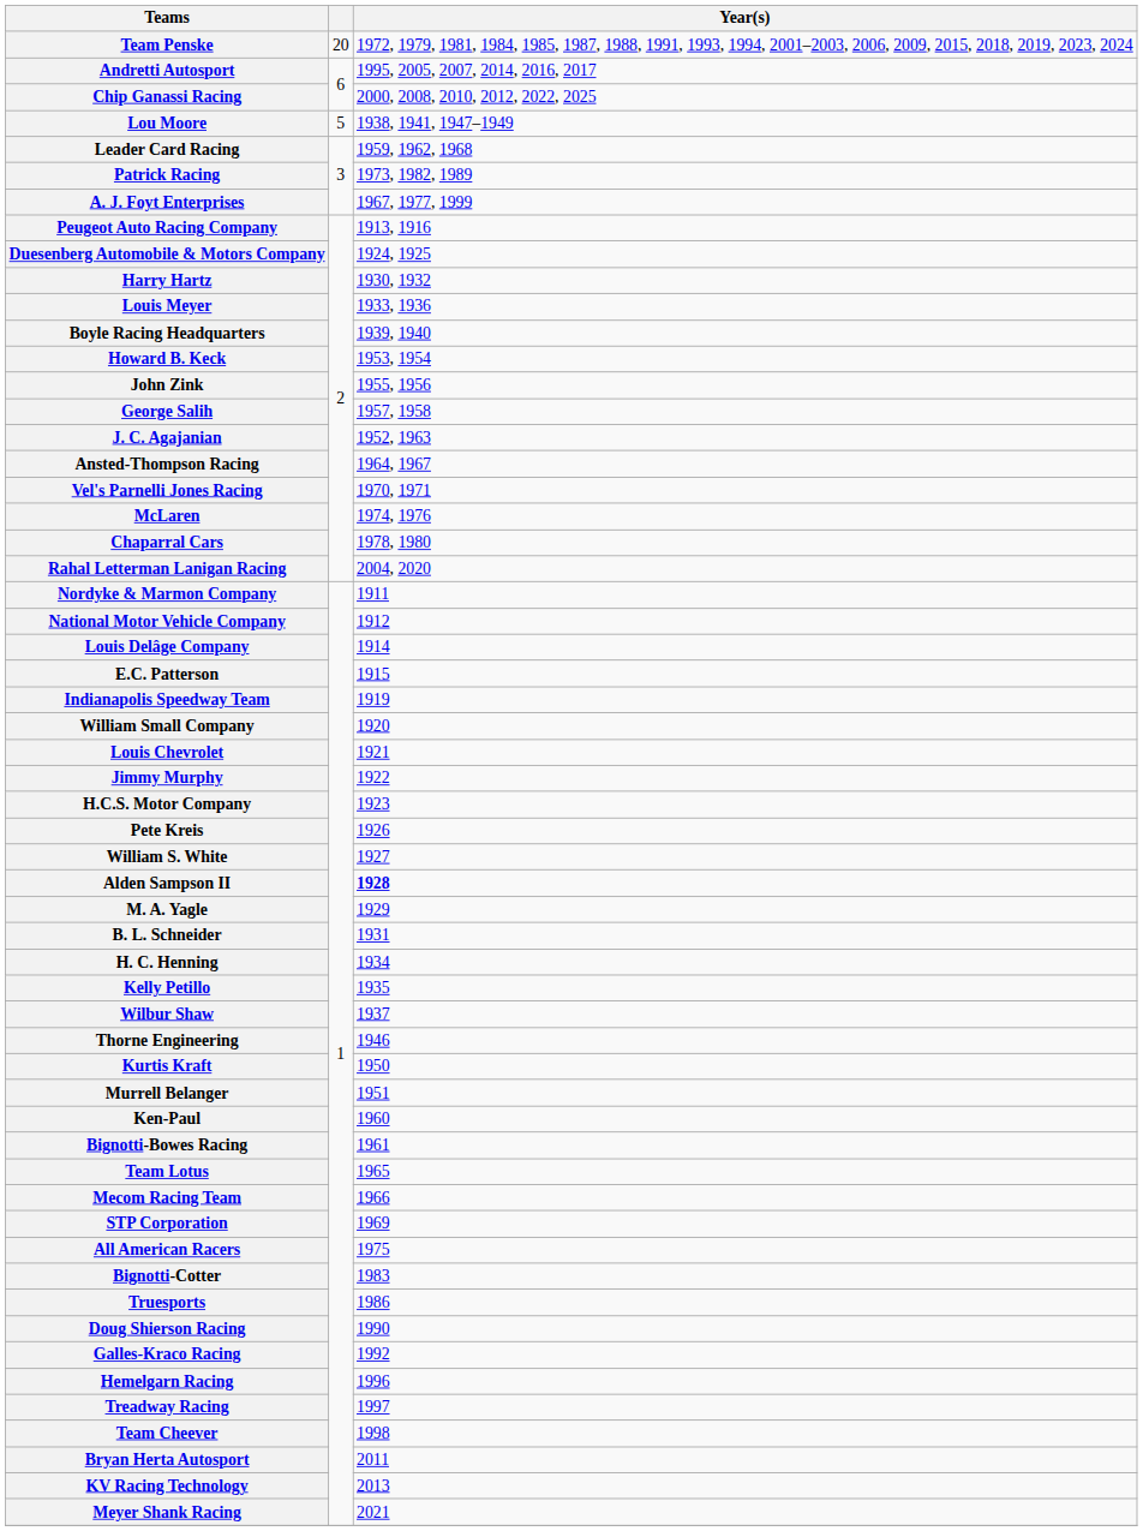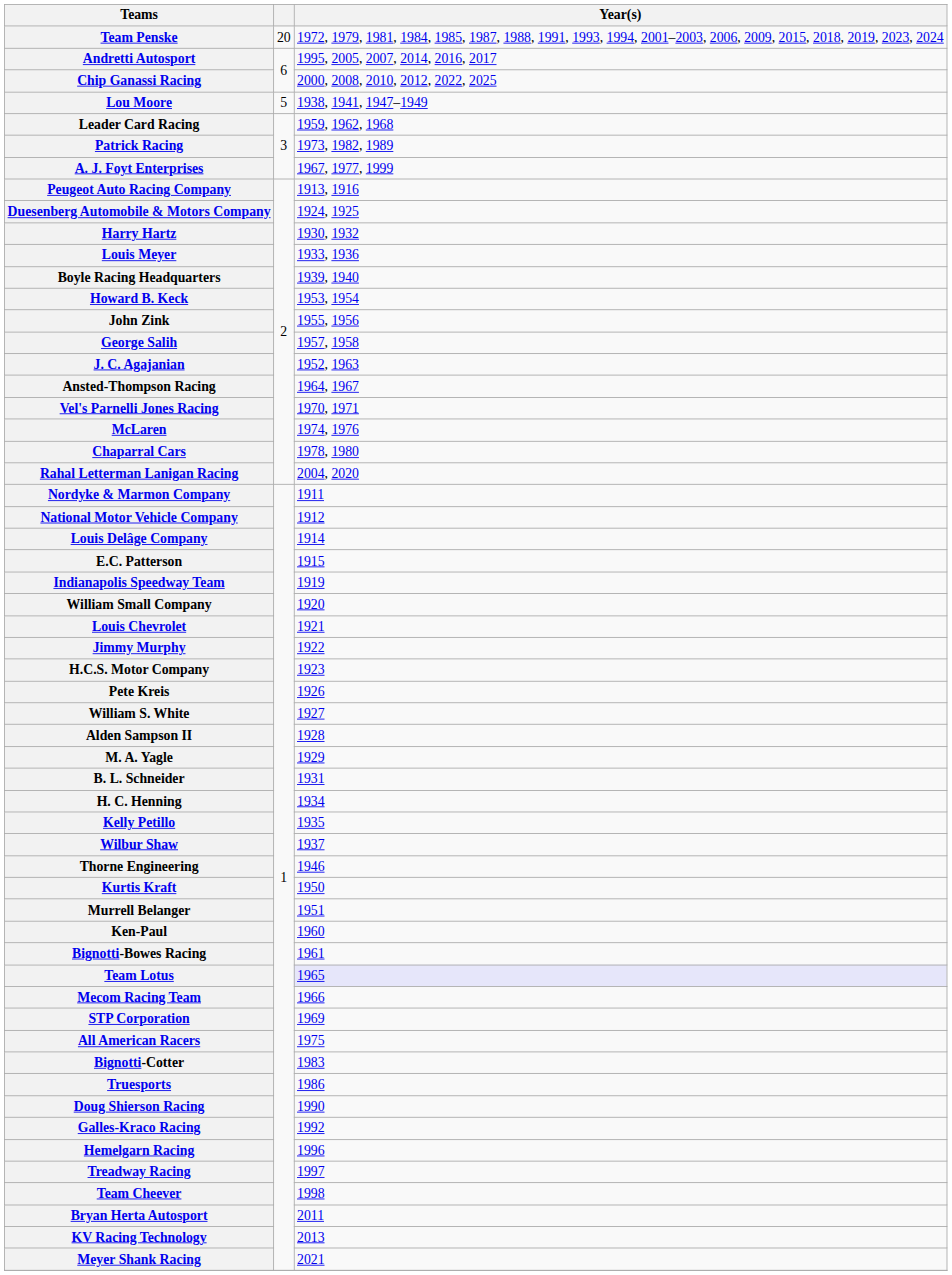 <table class="wikitable sortable plainrowheaders">
 <tr>
 <th scope="col">Teams</th>
 <th scope="col"></th>
 <th scope="col">Year(s)</th>
 </tr>
 <tr>
 <th scope="row"><a href='#'>Team Penske</a></th>
 <td align="center">20</td>
 <td><a href='#'>1972</a>, <a href='#'>1979</a>, <a href='#'>1981</a>, <a href='#'>1984</a>, <a href='#'>1985</a>, <a href='#'>1987</a>, <a href='#'>1988</a>, <a href='#'>1991</a>, <a href='#'>1993</a>, <a href='#'>1994</a>, <a href='#'>2001</a>–<a href='#'>2003</a>, <a href='#'>2006</a>, <a href='#'>2009</a>, <a href='#'>2015</a>, <a href='#'>2018</a>, <a href='#'>2019</a>, <a href='#'>2023</a>, <a href='#'>2024</a></td>
 </tr>
 <tr>
 <th scope="row"><a href='#'>Andretti Autosport</a></th>
 <td rowspan="2" align="center">6</td>
 <td><a href='#'>1995</a>, <a href='#'>2005</a>, <a href='#'>2007</a>, <a href='#'>2014</a>, <a href='#'>2016</a>, <a href='#'>2017</a></td>
 </tr>
 <tr>
 <th scope="row"><a href='#'>Chip Ganassi Racing</a></th>
 <td><a href='#'>2000</a>, <a href='#'>2008</a>, <a href='#'>2010</a>, <a href='#'>2012</a>, <a href='#'>2022</a>, <a href='#'>2025</a></td>
 </tr>
 <tr>
 <th scope="row"><a href='#'>Lou Moore</a></th>
 <td align="center">5</td>
 <td><a href='#'>1938</a>, <a href='#'>1941</a>, <a href='#'>1947</a>–<a href='#'>1949</a></td>
 </tr>
 <tr>
 <th scope="row">Leader Card Racing</th>
 <td align="center" rowspan=3>3</td>
 <td><a href='#'>1959</a>, <a href='#'>1962</a>, <a href='#'>1968</a></td>
 </tr>
 <tr>
 <th scope="row"><a href='#'>Patrick Racing</a></th>
 <td><a href='#'>1973</a>, <a href='#'>1982</a>, <a href='#'>1989</a></td>
 </tr>
 <tr>
 <th scope="row"><a href='#'>A. J. Foyt Enterprises</a></th>
 <td><a href='#'>1967</a>, <a href='#'>1977</a>, <a href='#'>1999</a></td>
 </tr>
 <tr>
 <th scope="row"><a href='#'>Peugeot Auto Racing Company</a></th>
 <td align="center" rowspan= 14>2</td>
 <td><a href='#'>1913</a>, <a href='#'>1916</a></td>
 </tr>
 <tr>
 <th scope="row"><a href='#'>Duesenberg Automobile & Motors Company</a></th>
 <td><a href='#'>1924</a>, <a href='#'>1925</a></td>
 </tr>
 <tr>
 <th scope="row"><a href='#'>Harry Hartz</a></th>
 <td><a href='#'>1930</a>, <a href='#'>1932</a></td>
 </tr>
 <tr>
 <th scope="row"><a href='#'>Louis Meyer</a></th>
 <td><a href='#'>1933</a>, <a href='#'>1936</a></td>
 </tr>
 <tr>
 <th scope="row">Boyle Racing Headquarters</th>
 <td><a href='#'>1939</a>, <a href='#'>1940</a></td>
 </tr>
 <tr>
 <th scope="row"><a href='#'>Howard B. Keck</a></th>
 <td><a href='#'>1953</a>, <a href='#'>1954</a></td>
 </tr>
 <tr>
 <th scope="row">John Zink</th>
 <td><a href='#'>1955</a>, <a href='#'>1956</a></td>
 </tr>
 <tr>
 <th scope="row"><a href='#'>George Salih</a></th>
 <td><a href='#'>1957</a>, <a href='#'>1958</a></td>
 </tr>
 <tr>
 <th scope="row"><a href='#'>J. C. Agajanian</a></th>
 <td><a href='#'>1952</a>, <a href='#'>1963</a></td>
 </tr>
 <tr>
 <th scope="row">Ansted-Thompson Racing</th>
 <td><a href='#'>1964</a>, <a href='#'>1967</a></td>
 </tr>
 <tr>
 <th scope="row"><a href='#'>Vel's Parnelli Jones Racing</a></th>
 <td><a href='#'>1970</a>, <a href='#'>1971</a></td>
 </tr>
 <tr>
 <th scope="row"><a href='#'>McLaren</a></th>
 <td><a href='#'>1974</a>, <a href='#'>1976</a></td>
 </tr>
 <tr>
 <th scope="row"><a href='#'>Chaparral Cars</a></th>
 <td><a href='#'>1978</a>, <a href='#'>1980</a></td>
 </tr>
 <tr>
 <th scope="row"><a href='#'>Rahal Letterman Lanigan Racing</a></th>
 <td><a href='#'>2004</a>, <a href='#'>2020</a></td>
 </tr>
 <tr>
 <th scope="row"><a href='#'>Nordyke & Marmon Company</a></th>
 <td align="center" rowspan= 36>1</td>
 <td><a href='#'>1911</a></td>
 </tr>
 <tr>
 <th scope="row"><a href='#'>National Motor Vehicle Company</a></th>
 <td><a href='#'>1912</a></td>
 </tr>
 <tr>
 <th scope="row"><a href='#'>Louis Delâge Company</a></th>
 <td><a href='#'>1914</a></td>
 </tr>
 <tr>
 <th scope="row">E.C. Patterson</th>
 <td><a href='#'>1915</a></td>
 </tr>
 <tr>
 <th scope="row"><a href='#'>Indianapolis Speedway Team</a></th>
 <td><a href='#'>1919</a></td>
 </tr>
 <tr>
 <th scope="row">William Small Company</th>
 <td><a href='#'>1920</a></td>
 </tr>
 <tr>
 <th scope="row"><a href='#'>Louis Chevrolet</a></th>
 <td><a href='#'>1921</a></td>
 </tr>
 <tr>
 <th scope="row"><a href='#'>Jimmy Murphy</a></th>
 <td><a href='#'>1922</a></td>
 </tr>
 <tr>
 <th scope="row">H.C.S. Motor Company</th>
 <td><a href='#'>1923</a></td>
 </tr>
 <tr>
 <th scope="row">Pete Kreis</th>
 <td><a href='#'>1926</a></td>
 </tr>
 <tr>
 <th scope="row">William S. White</th>
 <td><a href='#'>1927</a></td>
 </tr>
 <tr>
 <th scope="row">Alden Sampson II</th>
-<td><strong><a href='#'>1928</a></strong></td>
+<td><a href='#'>1928</a></td>
 </tr>
 <tr>
 <th scope="row">M. A. Yagle</th>
 <td><a href='#'>1929</a></td>
 </tr>
 <tr>
 <th scope="row">B. L. Schneider</th>
 <td><a href='#'>1931</a></td>
 </tr>
 <tr>
 <th scope="row">H. C. Henning</th>
 <td><a href='#'>1934</a></td>
 </tr>
 <tr>
 <th scope="row"><a href='#'>Kelly Petillo</a></th>
 <td><a href='#'>1935</a></td>
 </tr>
 <tr>
 <th scope="row"><a href='#'>Wilbur Shaw</a></th>
 <td><a href='#'>1937</a></td>
 </tr>
 <tr>
 <th scope="row">Thorne Engineering</th>
 <td><a href='#'>1946</a></td>
 </tr>
 <tr>
 <th scope="row"><a href='#'>Kurtis Kraft</a></th>
 <td><a href='#'>1950</a></td>
 </tr>
 <tr>
 <th scope="row">Murrell Belanger</th>
 <td><a href='#'>1951</a></td>
 </tr>
 <tr>
 <th scope="row">Ken-Paul</th>
 <td><a href='#'>1960</a></td>
 </tr>
 <tr>
 <th scope="row"><a href='#'>Bignotti</a>-Bowes Racing</th>
 <td><a href='#'>1961</a></td>
 </tr>
 <tr>
 <th scope="row"><a href='#'>Team Lotus</a></th>
-<td><a href='#'>1965</a></td>
+<td style="background: lavender;"><a href='#'>1965</a></td>
 </tr>
 <tr>
 <th scope="row"><a href='#'>Mecom Racing Team</a></th>
 <td><a href='#'>1966</a></td>
 </tr>
 <tr>
 <th scope="row"><a href='#'>STP Corporation</a></th>
 <td><a href='#'>1969</a></td>
 </tr>
 <tr>
 <th scope="row"><a href='#'>All American Racers</a></th>
 <td><a href='#'>1975</a></td>
 </tr>
 <tr>
 <th scope="row"><a href='#'>Bignotti</a>-Cotter</th>
 <td><a href='#'>1983</a></td>
 </tr>
 <tr>
 <th scope="row"><a href='#'>Truesports</a></th>
 <td><a href='#'>1986</a></td>
 </tr>
 <tr>
 <th scope="row"><a href='#'>Doug Shierson Racing</a></th>
 <td><a href='#'>1990</a></td>
 </tr>
 <tr>
 <th scope="row"><a href='#'>Galles-Kraco Racing</a></th>
 <td><a href='#'>1992</a></td>
 </tr>
 <tr>
 <th scope="row"><a href='#'>Hemelgarn Racing</a></th>
 <td><a href='#'>1996</a></td>
 </tr>
 <tr>
 <th scope="row"><a href='#'>Treadway Racing</a></th>
 <td><a href='#'>1997</a></td>
 </tr>
 <tr>
 <th scope="row"><a href='#'>Team Cheever</a></th>
 <td><a href='#'>1998</a></td>
 </tr>
 <tr>
 <th scope="row"><a href='#'>Bryan Herta Autosport</a></th>
 <td><a href='#'>2011</a></td>
 </tr>
 <tr>
 <th scope="row"><a href='#'>KV Racing Technology</a></th>
 <td><a href='#'>2013</a></td>
 </tr>
 <tr>
 <th scope="row"><a href='#'>Meyer Shank Racing</a></th>
 <td><a href='#'>2021</a></td>
 </tr>
 <tr>
 </tr>
 </table>
